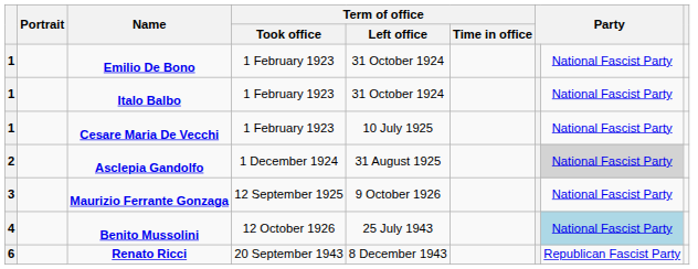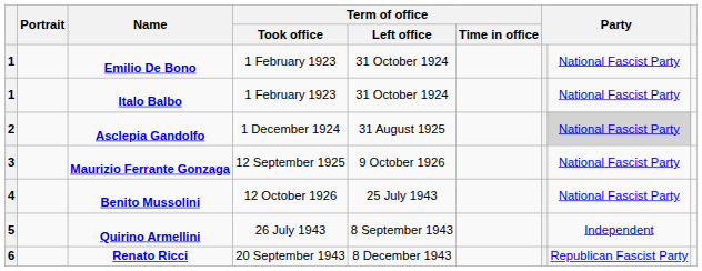 <table class="wikitable" style="text-align:center;">
 <tr>
 <th rowspan=2></th>
 <th rowspan=2>Portrait</th>
 <th rowspan=2>Name<br></th>
 <th colspan=3>Term of office</th>
 <th colspan=2 rowspan=2>Party</th>
 <th rowspan=2></th>
 </tr>
 <tr>
 <th>Took office</th>
 <th>Left office</th>
 <th>Time in office</th>
 </tr>
 <tr>
 <th>1</th>
 <td></td>
 <td><br><strong><a href='#'>Emilio De Bono</a></strong><br></td>
 <td>1 February 1923</td>
 <td>31 October 1924</td>
 <td></td>
 <th style="background:"></th>
 <td><a href='#'>National Fascist Party</a></td>
 <td></td>
 </tr>
 <tr>
 <th>1</th>
 <td></td>
 <td><br><strong><a href='#'>Italo Balbo</a></strong><br></td>
 <td>1 February 1923</td>
 <td>31 October 1924</td>
 <td></td>
 <th style="background:"></th>
 <td><a href='#'>National Fascist Party</a></td>
 <td></td>
 </tr>
 <tr>
-<th>1</th>
-<td></td>
-<td><br><strong><a href='#'>Cesare Maria De Vecchi</a></strong><br></td>
-<td>1 February 1923</td>
-<td>10 July 1925</td>
-<td></td>
-<th style="background:"></th>
-<td><a href='#'>National Fascist Party</a></td>
-<td></td>
-</tr>
-<tr>
 <th>2</th>
 <td></td>
 <td><br><strong><a href='#'>Asclepia Gandolfo</a></strong><br></td>
 <td>1 December 1924</td>
 <td>31 August 1925</td>
 <td></td>
 <th style="background:"></th>
 <td style="background: lightgrey;"><a href='#'>National Fascist Party</a></td>
 <td></td>
 </tr>
 <tr>
 <th>3</th>
 <td></td>
 <td><br><strong><a href='#'>Maurizio Ferrante Gonzaga</a></strong><br></td>
 <td>12 September 1925</td>
 <td>9 October 1926</td>
 <td></td>
 <th style="background:"></th>
 <td><a href='#'>National Fascist Party</a></td>
 <td></td>
 </tr>
 <tr>
 <th>4</th>
 <td></td>
 <td><br><strong><a href='#'>Benito Mussolini</a></strong><br></td>
 <td>12 October 1926</td>
 <td>25 July 1943</td>
 <td></td>
 <th style="background:"></th>
-<td style="background: lightblue;"><a href='#'>National Fascist Party</a></td>
+<td><a href='#'>National Fascist Party</a></td>
+<td></td>
+</tr>
+<tr>
+<th>5</th>
+<td></td>
+<td><br><strong><a href='#'>Quirino Armellini</a></strong><br></td>
+<td>26 July 1943</td>
+<td>8 September 1943</td>
+<td></td>
+<th style="background:"></th>
+<td><a href='#'>Independent</a></td>
 <td></td>
 </tr>
 <tr>
 <th>6</th>
 <td></td>
 <td><strong><a href='#'>Renato Ricci</a></strong><br></td>
 <td>20 September 1943</td>
 <td>8 December 1943</td>
 <td></td>
 <th style="background:"></th>
 <td><a href='#'>Republican Fascist Party</a></td>
 <td></td>
 </tr>
 </table>
